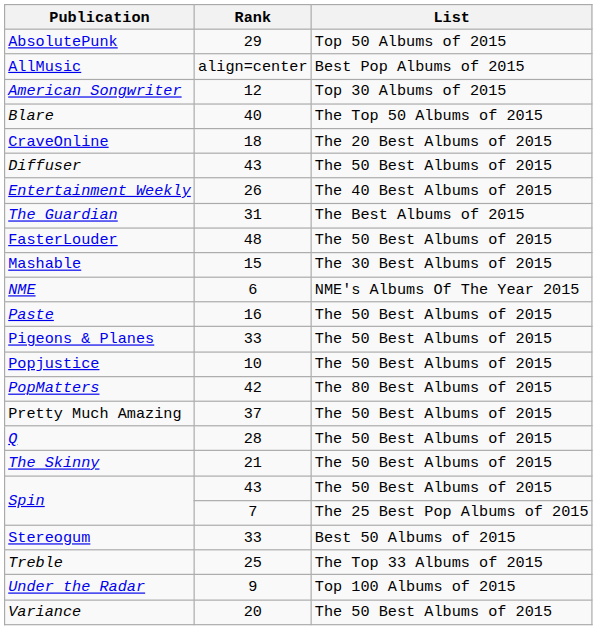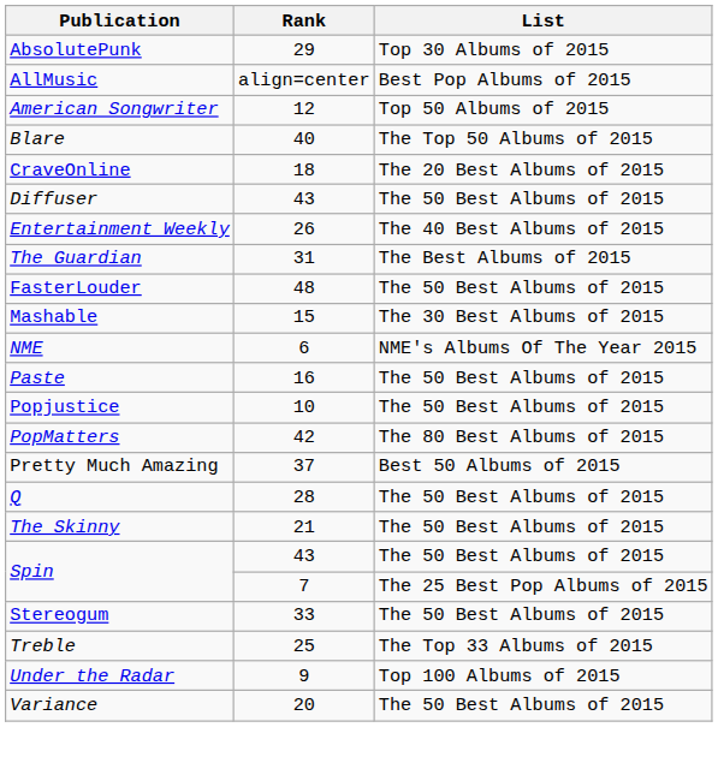 <table class="wikitable plainrowheaders sortable">
 <tr>
 <th>Publication</th>
 <th data-sort-type="number">Rank</th>
 <th scope="col" class="unsortable">List</th>
 </tr>
 <tr Ad>
 <td><a href='#'>AbsolutePunk</a></td>
 <td align=center>29</td>
-<td>Top 50 Albums of 2015</td>
+<td>Top 30 Albums of 2015</td>
 </tr>
 <tr Ad>
 <td><a href='#'>AllMusic</a></td>
 <td>align=center </td>
 <td>Best Pop Albums of 2015</td>
 </tr>
 <tr Ad>
 <td><em><a href='#'>American Songwriter</a></em></td>
 <td align=center>12</td>
-<td>Top 30 Albums of 2015</td>
+<td>Top 50 Albums of 2015</td>
 </tr>
 <tr Ad>
 <td><em>Blare</em></td>
 <td align=center>40</td>
 <td>The Top 50 Albums of 2015</td>
 </tr>
 <tr Ad>
 <td><a href='#'>CraveOnline</a></td>
 <td align=center>18</td>
 <td>The 20 Best Albums of 2015</td>
 </tr>
 <tr Ad>
 <td><em>Diffuser</em></td>
 <td align=center>43</td>
 <td>The 50 Best Albums of 2015</td>
 </tr>
 <tr Ad>
 <td><em><a href='#'>Entertainment Weekly</a></em></td>
 <td align=center>26</td>
 <td>The 40 Best Albums of 2015</td>
 </tr>
 <tr Ad>
 <td><em><a href='#'>The Guardian</a></em></td>
 <td align=center>31</td>
 <td>The Best Albums of 2015</td>
 </tr>
 <tr Ad>
 <td><a href='#'>FasterLouder</a></td>
 <td align=center>48</td>
 <td>The 50 Best Albums of 2015</td>
 </tr>
 <tr Ad>
 <td><a href='#'>Mashable</a></td>
 <td align=center>15</td>
 <td>The 30 Best Albums of 2015</td>
 </tr>
 <tr Ad>
 <td><em><a href='#'>NME</a></em></td>
 <td align=center>6</td>
 <td>NME's Albums Of The Year 2015</td>
 </tr>
 <tr Ad>
 <td><em><a href='#'>Paste</a></em></td>
 <td align=center>16</td>
 <td>The 50 Best Albums of 2015</td>
 </tr>
 <tr Ad>
-<td><a href='#'>Pigeons & Planes</a></td>
-<td align=center>33</td>
-<td>The 50 Best Albums of 2015</td>
-</tr>
-<tr Ad>
 <td><a href='#'>Popjustice</a></td>
 <td align=center>10</td>
 <td>The 50 Best Albums of 2015</td>
 </tr>
 <tr Ad>
 <td><em><a href='#'>PopMatters</a></em></td>
 <td align=center>42</td>
 <td>The 80 Best Albums of 2015</td>
 </tr>
 <tr Ad>
 <td>Pretty Much Amazing</td>
 <td align=center>37</td>
-<td>The 50 Best Albums of 2015</td>
+<td>Best 50 Albums of 2015</td>
 </tr>
 <tr Ad>
 <td><em><a href='#'>Q</a></em></td>
 <td align=center>28</td>
 <td>The 50 Best Albums of 2015</td>
 </tr>
 <tr Ad>
 <td><em><a href='#'>The Skinny</a></em></td>
 <td align=center>21</td>
 <td>The 50 Best Albums of 2015</td>
 </tr>
 <tr Ad>
 <td rowspan="2"><em><a href='#'>Spin</a></em></td>
 <td align=center>43</td>
 <td>The 50 Best Albums of 2015</td>
 </tr>
 <tr Ad>
 <td align=center>7</td>
 <td>The 25 Best Pop Albums of 2015</td>
 </tr>
 <tr Ad>
 <td><a href='#'>Stereogum</a></td>
 <td align=center>33</td>
-<td>Best 50 Albums of 2015</td>
+<td>The 50 Best Albums of 2015</td>
 </tr>
 <tr Ad>
 <td><em>Treble</em></td>
 <td align=center>25</td>
 <td>The Top 33 Albums of 2015</td>
 </tr>
 <tr Ad>
 <td><em><a href='#'>Under the Radar</a></em></td>
 <td align=center>9</td>
 <td>Top 100 Albums of 2015</td>
 </tr>
 <tr Ad>
 <td><em>Variance</em></td>
 <td align=center>20</td>
 <td>The 50 Best Albums of 2015</td>
 </tr>
 </table>
